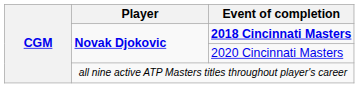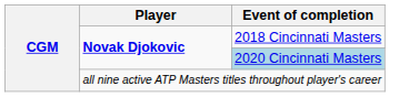 <table class="wikitable nowrap">
 <tr>
 <th rowspan="4" width="80"><a href='#'>CGM</a></th>
 <th>Player</th>
 <th>Event of completion</th>
 </tr>
 <tr>
 <td rowspan="2" width="170"> <strong><a href='#'>Novak Djokovic</a></strong> </td>
-<td><strong><a href='#'>2018 Cincinnati Masters</a></strong></td>
+<td><a href='#'>2018 Cincinnati Masters</a></td>
 </tr>
 <tr>
-<td><a href='#'>2020 Cincinnati Masters</a></td>
+<td style="background: lightblue;"><a href='#'>2020 Cincinnati Masters</a></td>
 </tr>
 <tr>
 <td colspan="2" align="center"><small><em>all nine active ATP Masters titles throughout player's career</em></small></td>
 </tr>
 </table>
